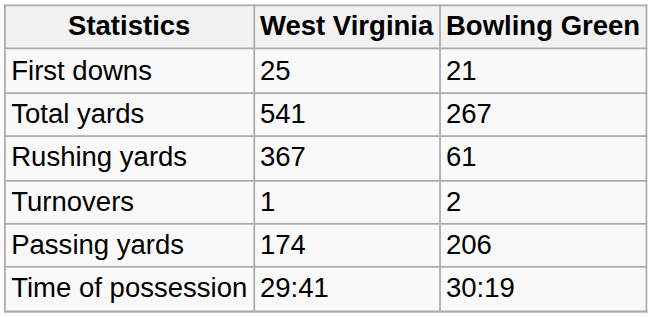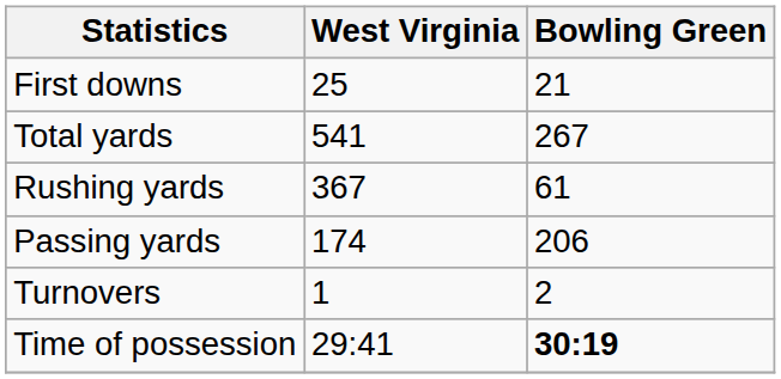 <table class="wikitable" style="float: left;">
 <tr>
 <th>Statistics</th>
 <th>West Virginia</th>
 <th>Bowling Green</th>
 </tr>
 <tr>
 <td>First downs</td>
 <td>25</td>
 <td>21</td>
 </tr>
 <tr>
 <td>Total yards</td>
 <td>541</td>
 <td>267</td>
 </tr>
 <tr>
 <td>Rushing yards</td>
 <td>367</td>
 <td>61</td>
 </tr>
 <tr>
+<td>Passing yards</td>
+<td>174</td>
+<td>206</td>
+</tr>
+<tr>
 <td>Turnovers</td>
 <td>1</td>
 <td>2</td>
 </tr>
 <tr>
-<td>Passing yards</td>
-<td>174</td>
-<td>206</td>
-</tr>
-<tr>
 <td>Time of possession</td>
 <td>29:41</td>
-<td>30:19</td>
+<td><strong>30:19</strong></td>
 </tr>
 <tr>
 </tr>
 </table>
